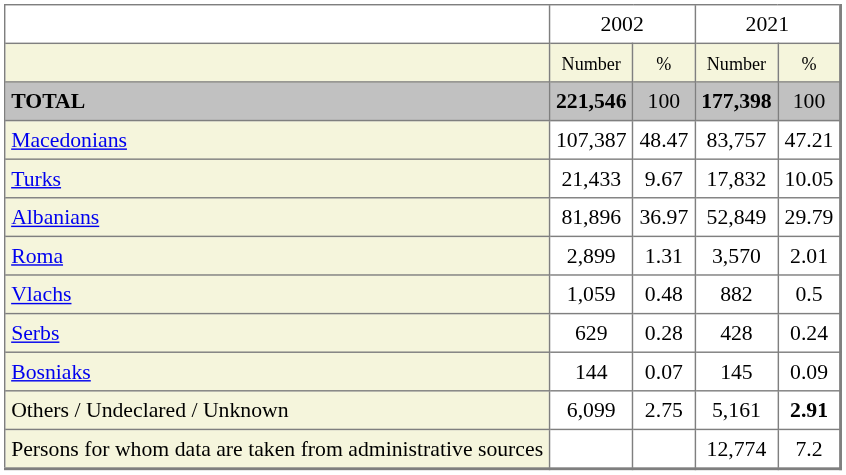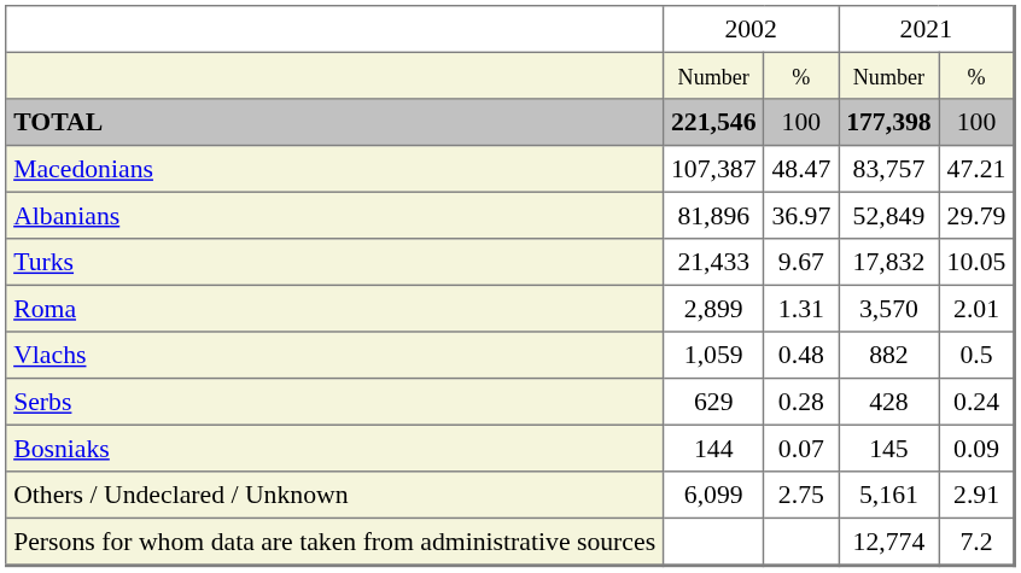 <table border=1 cellpadding=4 cellspacing=0 class="toccolours" style="align: left; margin: 0.5em 0 0 0; border-style: solid; border: 1px solid #7f7f7f; border-right-width: 2px; border-bottom-width: 2px; border-collapse: collapse; font-size: 95%;">
 <tr>
 <td></td>
 <td colspan="2" align="center">2002</td>
 <td colspan="2" align="center">2021</td>
 </tr>
 <tr>
 <td style="background:#F5F5DC;"></td>
 <td style="background:#F5F5DC;" align="center"><small>Number</small></td>
 <td style="background:#F5F5DC;" align="center"><small>%</small></td>
 <td style="background:#F5F5DC;" align="center"><small>Number</small></td>
 <td style="background:#F5F5DC;" align="center"><small>%</small></td>
 </tr>
 <tr>
 <td style="background:#c1c1c1;"><strong>TOTAL</strong></td>
 <td style="background:#c1c1c1;" align="center"><strong>221,546</strong></td>
 <td style="background:#c1c1c1;" align="center">100</td>
 <td style="background:#c1c1c1;" align="center"><strong>177,398</strong></td>
 <td style="background:#c1c1c1;" align="center">100</td>
 </tr>
 <tr>
 <td style="background:#F5F5DC;"><a href='#'>Macedonians</a></td>
 <td align="center">107,387</td>
 <td align="center">48.47</td>
 <td align="center">83,757</td>
 <td align="center">47.21</td>
 </tr>
 <tr>
+<td style="background:#F5F5DC;"><a href='#'>Albanians</a></td>
+<td align="center">81,896</td>
+<td align="center">36.97</td>
+<td align="center">52,849</td>
+<td align="center">29.79</td>
+</tr>
+<tr>
 <td style="background:#F5F5DC;"><a href='#'>Turks</a></td>
 <td align="center">21,433</td>
 <td align="center">9.67</td>
 <td align="center">17,832</td>
 <td align="center">10.05</td>
-</tr>
-<tr>
-<td style="background:#F5F5DC;"><a href='#'>Albanians</a></td>
-<td align="center">81,896</td>
-<td align="center">36.97</td>
-<td align="center">52,849</td>
-<td align="center">29.79</td>
 </tr>
 <tr>
 <td style="background:#F5F5DC;"><a href='#'>Roma</a></td>
 <td align="center">2,899</td>
 <td align="center">1.31</td>
 <td align="center">3,570</td>
 <td align="center">2.01</td>
 </tr>
 <tr>
 <td style="background:#F5F5DC;"><a href='#'>Vlachs</a></td>
 <td align="center">1,059</td>
 <td align="center">0.48</td>
 <td align="center">882</td>
 <td align="center">0.5</td>
 </tr>
 <tr>
 <td style="background:#F5F5DC;"><a href='#'>Serbs</a></td>
 <td align="center">629</td>
 <td align="center">0.28</td>
 <td align="center">428</td>
 <td align="center">0.24</td>
 </tr>
 <tr>
 <td style="background:#F5F5DC;"><a href='#'>Bosniaks</a></td>
 <td align="center">144</td>
 <td align="center">0.07</td>
 <td align="center">145</td>
 <td align="center">0.09</td>
 </tr>
 <tr>
 <td style="background:#F5F5DC;">Others / Undeclared / Unknown</td>
 <td align="center">6,099</td>
 <td align="center">2.75</td>
 <td align="center">5,161</td>
-<td align="center"><strong>2.91</strong></td>
+<td align="center">2.91</td>
 </tr>
 <tr>
 <td style="background:#F5F5DC;">Persons for whom data are taken from administrative sources</td>
 <td></td>
 <td></td>
 <td align="center">12,774</td>
 <td align="center">7.2</td>
 </tr>
 </table>
